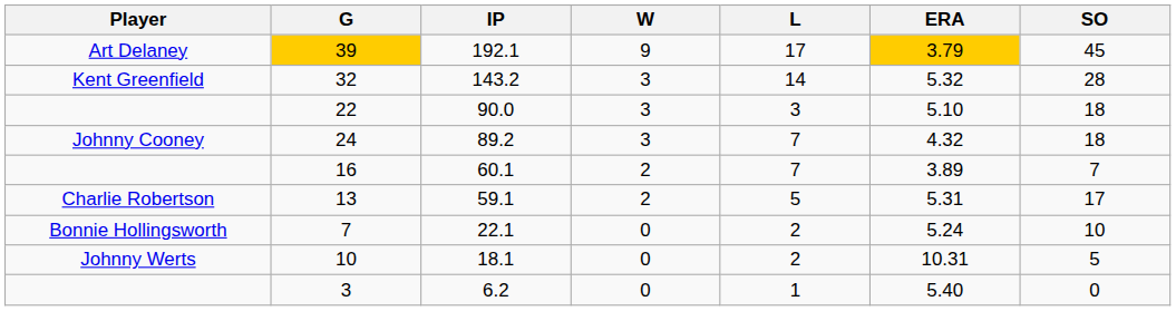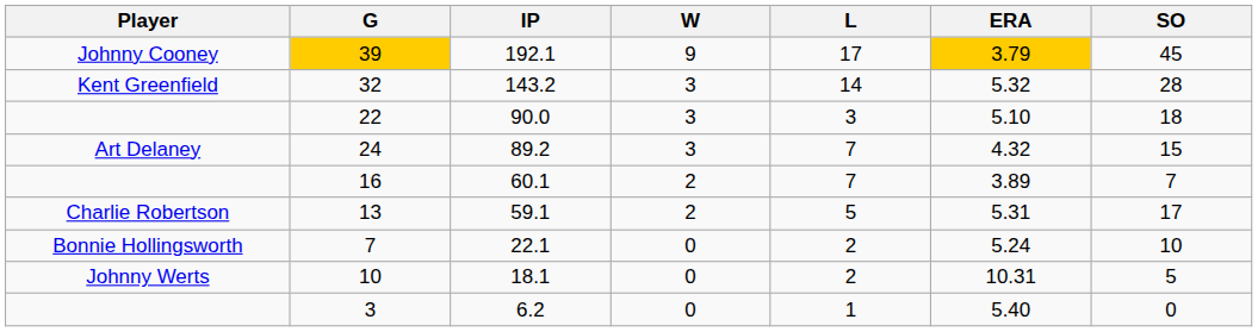 <table class="wikitable sortable">
 <tr>
 <th bgcolor="#DDDDFF" width="16%">Player</th>
 <th bgcolor="#DDDDFF" width="9%">G</th>
 <th bgcolor="#DDDDFF" width="9%">IP</th>
 <th bgcolor="#DDDDFF" width="9%">W</th>
 <th bgcolor="#DDDDFF" width="9%">L</th>
 <th bgcolor="#DDDDFF" width="9%">ERA</th>
 <th bgcolor="#DDDDFF" width="9%">SO</th>
 </tr>
 <tr align="center">
-<td><a href='#'>Art Delaney</a></td>
+<td><a href='#'>Johnny Cooney</a></td>
 <td style="background:#fc0;">39</td>
 <td>192.1</td>
 <td>9</td>
 <td>17</td>
 <td style="background:#fc0;">3.79</td>
 <td>45</td>
 </tr>
 <tr align="center">
 <td><a href='#'>Kent Greenfield</a></td>
 <td>32</td>
 <td>143.2</td>
 <td>3</td>
 <td>14</td>
 <td>5.32</td>
 <td>28</td>
 </tr>
 <tr align="center">
 <td></td>
 <td>22</td>
 <td>90.0</td>
 <td>3</td>
 <td>3</td>
 <td>5.10</td>
 <td>18</td>
 </tr>
 <tr align="center">
-<td><a href='#'>Johnny Cooney</a></td>
+<td><a href='#'>Art Delaney</a></td>
 <td>24</td>
 <td>89.2</td>
 <td>3</td>
 <td>7</td>
 <td>4.32</td>
-<td>18</td>
+<td>15</td>
 </tr>
 <tr align="center">
 <td></td>
 <td>16</td>
 <td>60.1</td>
 <td>2</td>
 <td>7</td>
 <td>3.89</td>
 <td>7</td>
 </tr>
 <tr align="center">
 <td><a href='#'>Charlie Robertson</a></td>
 <td>13</td>
 <td>59.1</td>
 <td>2</td>
 <td>5</td>
 <td>5.31</td>
 <td>17</td>
 </tr>
 <tr align="center">
 <td><a href='#'>Bonnie Hollingsworth</a></td>
 <td>7</td>
 <td>22.1</td>
 <td>0</td>
 <td>2</td>
 <td>5.24</td>
 <td>10</td>
 </tr>
 <tr align="center">
 <td><a href='#'>Johnny Werts</a></td>
 <td>10</td>
 <td>18.1</td>
 <td>0</td>
 <td>2</td>
 <td>10.31</td>
 <td>5</td>
 </tr>
 <tr align="center">
 <td></td>
 <td>3</td>
 <td>6.2</td>
 <td>0</td>
 <td>1</td>
 <td>5.40</td>
 <td>0</td>
 </tr>
 </table>
